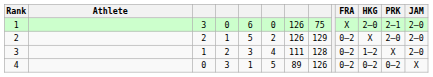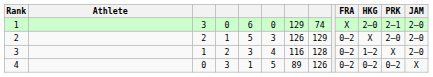 <table class="wikitable" style="text-align:center">
 <tr>
 <th>Rank</th>
 <th width=250>Athlete</th>
 <th width=30></th>
 <th width=30></th>
 <th width=30></th>
 <th width=30></th>
 <th width=30></th>
 <th width=30></th>
 <th rowspan=5></th>
 <th width=30>FRA</th>
 <th width=30>HKG</th>
 <th width=30>PRK</th>
 <th width=30>JAM</th>
 </tr>
 <tr style="background-color:#ccffcc;">
 <td>1</td>
 <td align=left></td>
 <td>3</td>
 <td>0</td>
 <td>6</td>
 <td>0</td>
-<td>126</td>
-<td>75</td>
+<td>129</td>
+<td>74</td>
 <td>X</td>
 <td>2–0</td>
 <td>2–1</td>
 <td>2–0</td>
 </tr>
 <tr>
 <td>2</td>
 <td align=left></td>
 <td>2</td>
 <td>1</td>
 <td>5</td>
-<td>2</td>
+<td>3</td>
 <td>126</td>
 <td>129</td>
 <td>0–2</td>
 <td>X</td>
 <td>2–0</td>
 <td>2–0</td>
 </tr>
 <tr>
 <td>3</td>
 <td align=left></td>
 <td>1</td>
 <td>2</td>
 <td>3</td>
 <td>4</td>
-<td>111</td>
+<td>116</td>
 <td>128</td>
 <td>0–2</td>
 <td>1–2</td>
 <td>X</td>
 <td>2–0</td>
 </tr>
 <tr>
 <td>4</td>
 <td align=left></td>
 <td>0</td>
 <td>3</td>
 <td>1</td>
 <td>5</td>
 <td>89</td>
 <td>126</td>
 <td>0–2</td>
 <td>0–2</td>
 <td>0–2</td>
 <td>X</td>
 </tr>
 </table>
